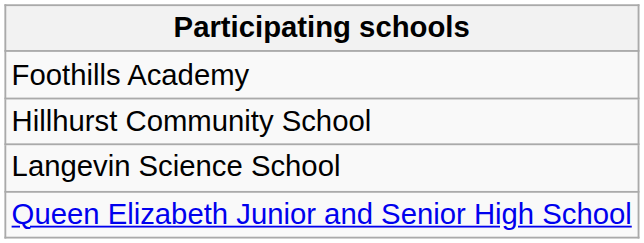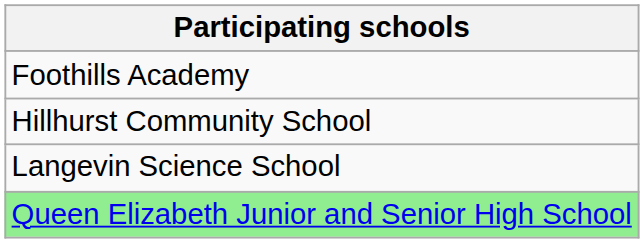 <table class="wikitable" align=right>
 <tr>
 <th>Participating schools</th>
 </tr>
 <tr>
 <td>Foothills Academy</td>
 </tr>
 <tr>
 <td>Hillhurst Community School</td>
 </tr>
 <tr>
 <td>Langevin Science School</td>
 </tr>
 <tr>
-<td><a href='#'>Queen Elizabeth Junior and Senior High School</a></td>
+<td style="background: lightgreen;"><a href='#'>Queen Elizabeth Junior and Senior High School</a></td>
 </tr>
 </table>
